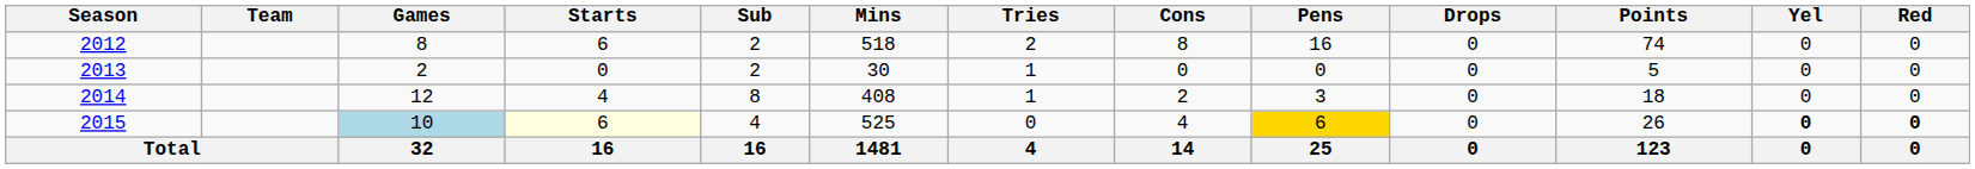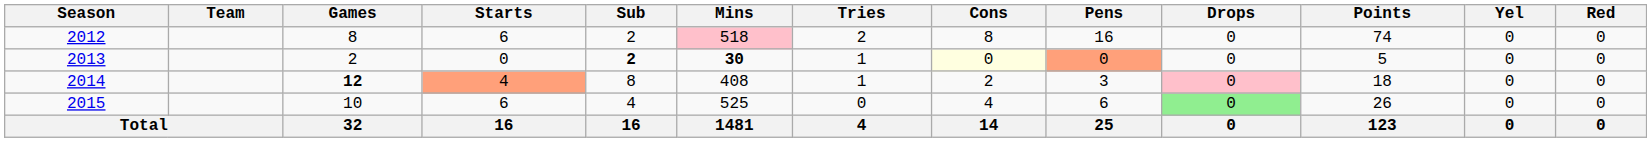 <table class="wikitable" style="text-align:center; line-height:90%; font-size:95%; width:100%;">
 <tr>
 <th>Season</th>
 <th>Team</th>
 <th>Games</th>
 <th>Starts</th>
 <th>Sub</th>
 <th>Mins</th>
 <th>Tries</th>
 <th>Cons</th>
 <th>Pens</th>
 <th>Drops</th>
 <th>Points</th>
 <th>Yel</th>
 <th>Red</th>
 </tr>
 <tr>
 <td><a href='#'>2012</a></td>
 <td></td>
 <td>8</td>
 <td>6</td>
 <td>2</td>
-<td>518</td>
+<td style="background: pink;">518</td>
 <td>2</td>
 <td>8</td>
 <td>16</td>
 <td>0</td>
 <td>74</td>
 <td>0</td>
 <td>0</td>
 </tr>
 <tr>
 <td><a href='#'>2013</a></td>
 <td></td>
 <td>2</td>
 <td>0</td>
-<td>2</td>
-<td>30</td>
+<td><strong>2</strong></td>
+<td><strong>30</strong></td>
 <td>1</td>
-<td>0</td>
-<td>0</td>
+<td style="background: lightyellow;">0</td>
+<td style="background: lightsalmon;">0</td>
 <td>0</td>
 <td>5</td>
 <td>0</td>
 <td>0</td>
 </tr>
 <tr>
 <td><a href='#'>2014</a></td>
 <td></td>
-<td>12</td>
-<td>4</td>
+<td><strong>12</strong></td>
+<td style="background: lightsalmon;">4</td>
 <td>8</td>
 <td>408</td>
 <td>1</td>
 <td>2</td>
 <td>3</td>
-<td>0</td>
+<td style="background: pink;">0</td>
 <td>18</td>
 <td>0</td>
 <td>0</td>
 </tr>
 <tr>
 <td><a href='#'>2015</a></td>
 <td></td>
-<td style="background: lightblue;">10</td>
-<td style="background: lightyellow;">6</td>
+<td>10</td>
+<td>6</td>
 <td>4</td>
 <td>525</td>
 <td>0</td>
 <td>4</td>
-<td style="background: gold;">6</td>
+<td>6</td>
+<td style="background: lightgreen;">0</td>
+<td>26</td>
 <td>0</td>
-<td>26</td>
-<td><strong>0</strong></td>
-<td><strong>0</strong></td>
+<td>0</td>
 </tr>
 <tr>
 <th colspan="2">Total</th>
 <th>32</th>
 <th>16</th>
 <th>16</th>
 <th>1481</th>
 <th>4</th>
 <th>14</th>
 <th>25</th>
 <th>0</th>
 <th>123</th>
 <th>0</th>
 <th>0</th>
 </tr>
 </table>
